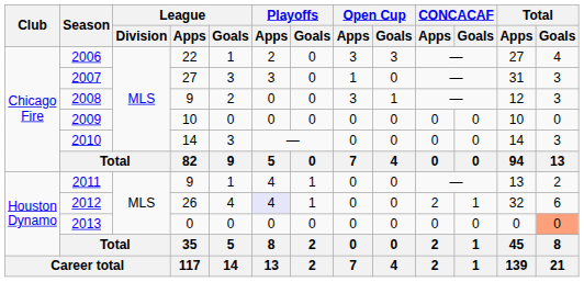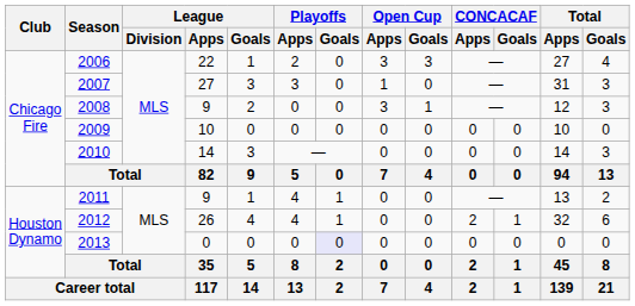 <table class="wikitable" style="text-align:center">
 <tr>
 <th rowspan="2">Club</th>
 <th rowspan="2">Season</th>
 <th colspan="3">League</th>
 <th colspan="2"><a href='#'>Playoffs</a></th>
 <th colspan="2"><a href='#'>Open Cup</a></th>
 <th colspan="2"><a href='#'>CONCACAF</a></th>
 <th colspan="2">Total</th>
 </tr>
 <tr>
 <th>Division</th>
 <th>Apps</th>
 <th>Goals</th>
 <th>Apps</th>
 <th>Goals</th>
 <th>Apps</th>
 <th>Goals</th>
 <th>Apps</th>
 <th>Goals</th>
 <th>Apps</th>
 <th>Goals</th>
 </tr>
 <tr>
 <td rowspan="6"><a href='#'>Chicago Fire</a></td>
 <td><a href='#'>2006</a></td>
 <td rowspan="5"><a href='#'>MLS</a></td>
 <td>22</td>
 <td>1</td>
 <td>2</td>
 <td>0</td>
 <td>3</td>
 <td>3</td>
 <td colspan="2">—</td>
 <td>27</td>
 <td>4</td>
 </tr>
 <tr>
 <td><a href='#'>2007</a></td>
 <td>27</td>
 <td>3</td>
 <td>3</td>
 <td>0</td>
 <td>1</td>
 <td>0</td>
 <td colspan="2">—</td>
 <td>31</td>
 <td>3</td>
 </tr>
 <tr>
 <td><a href='#'>2008</a></td>
 <td>9</td>
 <td>2</td>
 <td>0</td>
 <td>0</td>
 <td>3</td>
 <td>1</td>
 <td colspan="2">—</td>
 <td>12</td>
 <td>3</td>
 </tr>
 <tr>
 <td><a href='#'>2009</a></td>
 <td>10</td>
 <td>0</td>
 <td>0</td>
 <td>0</td>
 <td>0</td>
 <td>0</td>
 <td>0</td>
 <td>0</td>
 <td>10</td>
 <td>0</td>
 </tr>
 <tr>
 <td><a href='#'>2010</a></td>
 <td>14</td>
 <td>3</td>
 <td colspan="2">—</td>
 <td>0</td>
 <td>0</td>
 <td>0</td>
 <td>0</td>
 <td>14</td>
 <td>3</td>
 </tr>
 <tr>
 <th colspan="2">Total</th>
 <th>82</th>
 <th>9</th>
 <th>5</th>
 <th>0</th>
 <th>7</th>
 <th>4</th>
 <th>0</th>
 <th>0</th>
 <th>94</th>
 <th>13</th>
 </tr>
 <tr>
 <td rowspan="4"><a href='#'>Houston Dynamo</a></td>
 <td><a href='#'>2011</a></td>
 <td rowspan="3">MLS</td>
 <td>9</td>
 <td>1</td>
 <td>4</td>
 <td>1</td>
 <td>0</td>
 <td>0</td>
 <td colspan="2">—</td>
 <td>13</td>
 <td>2</td>
 </tr>
 <tr>
 <td><a href='#'>2012</a></td>
 <td>26</td>
 <td>4</td>
-<td style="background: lavender;">4</td>
+<td>4</td>
 <td>1</td>
 <td>0</td>
 <td>0</td>
 <td>2</td>
 <td>1</td>
 <td>32</td>
 <td>6</td>
 </tr>
 <tr>
 <td><a href='#'>2013</a></td>
 <td>0</td>
 <td>0</td>
 <td>0</td>
+<td style="background: lavender;">0</td>
 <td>0</td>
 <td>0</td>
 <td>0</td>
 <td>0</td>
 <td>0</td>
 <td>0</td>
-<td style="background: lightsalmon;">0</td>
 </tr>
 <tr>
 <th colspan="2">Total</th>
 <th>35</th>
 <th>5</th>
 <th>8</th>
 <th>2</th>
 <th>0</th>
 <th>0</th>
 <th>2</th>
 <th>1</th>
 <th>45</th>
 <th>8</th>
 </tr>
 <tr>
 <th colspan="3">Career total</th>
 <th>117</th>
 <th>14</th>
 <th>13</th>
 <th>2</th>
 <th>7</th>
 <th>4</th>
 <th>2</th>
 <th>1</th>
 <th>139</th>
 <th>21</th>
 </tr>
 </table>
